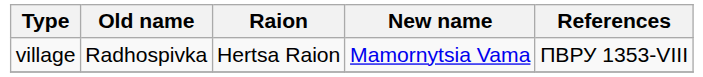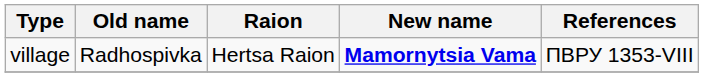 <table class="wikitable sortable" style="margin:auto;">
 <tr>
 <th>Type</th>
 <th>Old name</th>
 <th>Raion</th>
 <th>New name</th>
 <th>References</th>
 </tr>
 <tr>
 <td>village</td>
 <td>Radhospivka</td>
 <td>Hertsa Raion</td>
-<td><a href='#'>Mamornytsia Vama</a></td>
+<td><strong><a href='#'>Mamornytsia Vama</a></strong></td>
 <td>ПВРУ 1353-VIII</td>
 </tr>
 <tr>
 </tr>
 </table>
